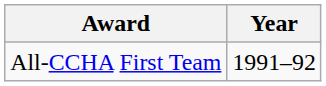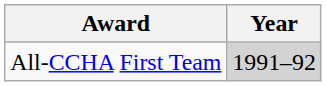 <table class="wikitable">
 <tr>
 <th>Award</th>
 <th>Year</th>
 </tr>
 <tr>
 <td>All-<a href='#'>CCHA</a> <a href='#'>First Team</a></td>
-<td>1991–92</td>
+<td style="background: lightgrey;">1991–92</td>
 </tr>
 </table>
